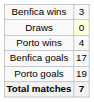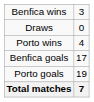 <table class="wikitable" style="text-align:center">
 <tr>
 <td>Benfica wins</td>
 <td>3</td>
 </tr>
 <tr>
 <td>Draws</td>
-<td style="background: lightyellow;">0</td>
+<td>0</td>
 </tr>
 <tr>
 <td>Porto wins</td>
 <td>4</td>
 </tr>
 <tr>
 <td>Benfica goals</td>
 <td>17</td>
 </tr>
 <tr>
 <td>Porto goals</td>
 <td>19</td>
 </tr>
 <tr>
 <th><strong>Total matches</strong></th>
 <th><strong>7</strong></th>
 </tr>
 </table>
